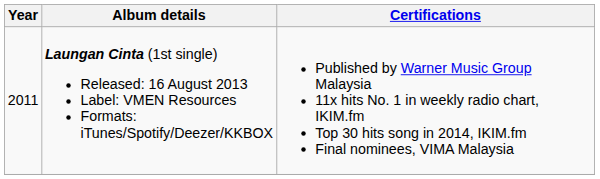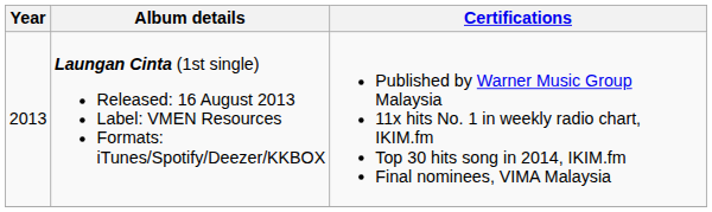 <table class="wikitable">
 <tr>
 <th>Year</th>
 <th style="width:230px;">Album details</th>
 <th style="width:350px;"><a href='#'>Certifications</a><br></th>
 </tr>
 <tr>
-<td>2011</td>
+<td>2013</td>
 <td><strong><em>Laungan Cinta</em></strong> (1st single)<br><ul><li>Released: 16 August 2013</li><li>Label: VMEN Resources</li><li>Formats: iTunes/Spotify/Deezer/KKBOX</li></ul></td>
 <td><br><ul><li>Published by <a href='#'>Warner Music Group</a> Malaysia</li><li>11x hits No. 1 in weekly radio chart, IKIM.fm</li><li>Top 30 hits song in 2014, IKIM.fm</li><li>Final nominees, VIMA Malaysia</li></ul></td>
 </tr>
 <tr>
 </tr>
 </table>
